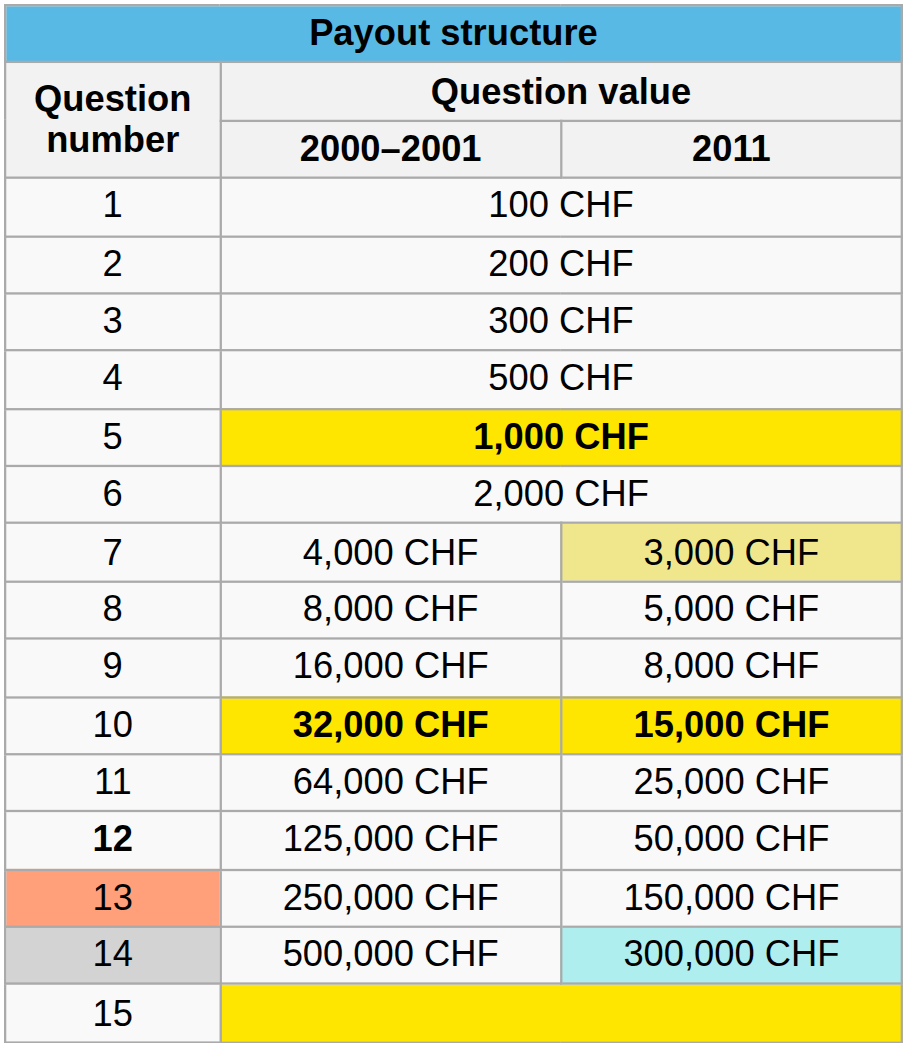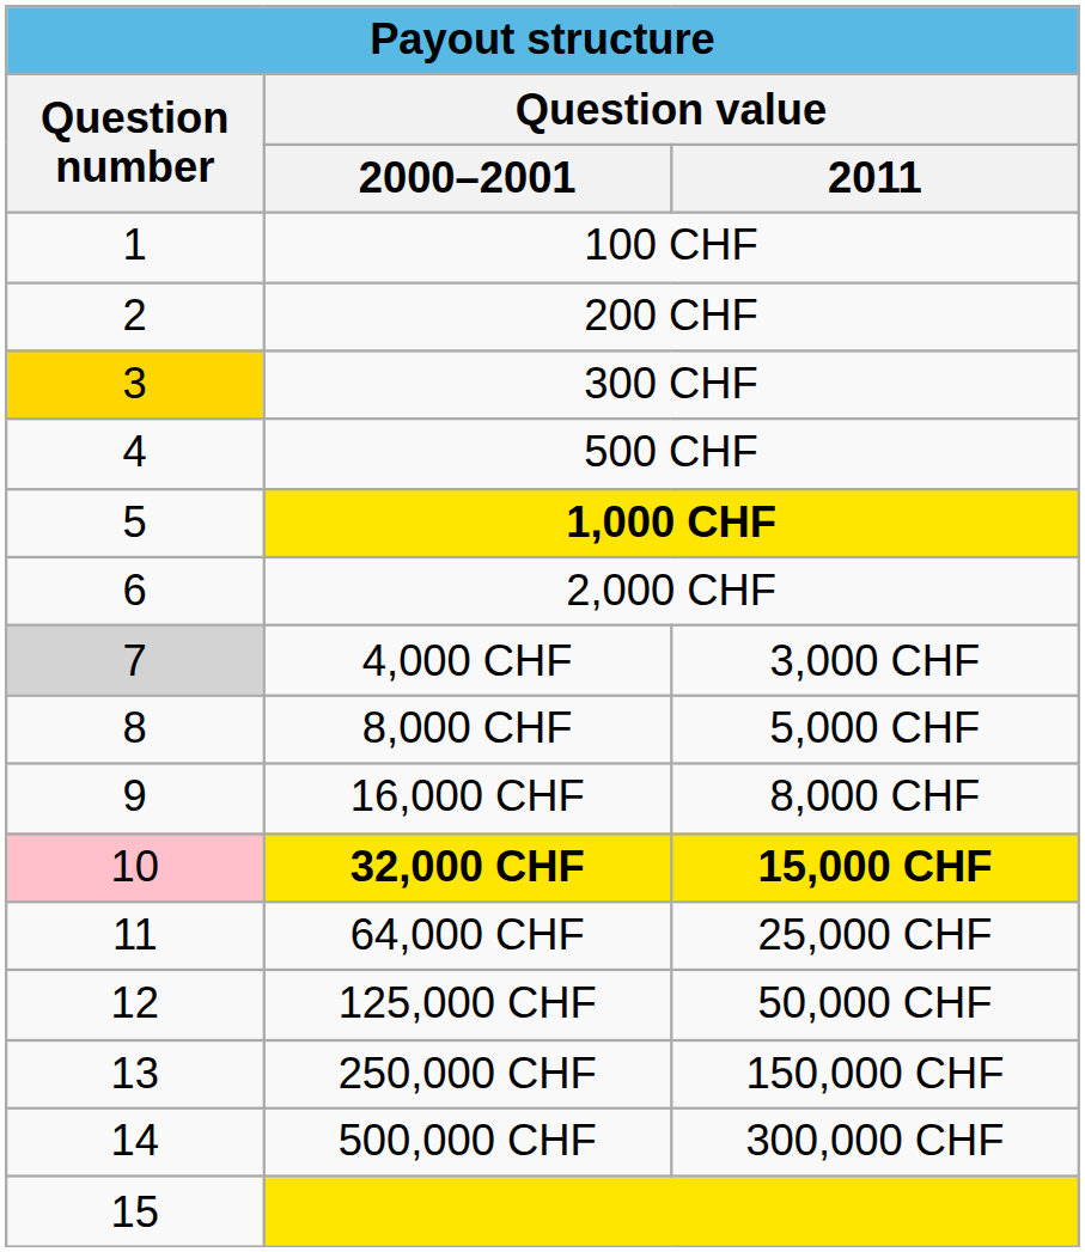 <table class="wikitable" style="text-align:center; border:1px;; cellpadding:2; cellspacing:0; width:25%;">
 <tr>
 <th colspan="3" style="background: #58B9E4">Payout structure</th>
 </tr>
 <tr>
 <th rowspan="2" style="width: 24%">Question number</th>
 <th colspan="2">Question value</th>
 </tr>
 <tr>
 <th style="width: 38%">2000–2001</th>
 <th style="width: 38%">2011</th>
 </tr>
 <tr>
 <td>1</td>
 <td colspan="2">100 CHF</td>
 </tr>
 <tr>
 <td>2</td>
 <td colspan="2">200 CHF</td>
 </tr>
 <tr>
-<td>3</td>
+<td style="background: gold;">3</td>
 <td colspan="2">300 CHF</td>
 </tr>
 <tr>
 <td>4</td>
 <td colspan="2">500 CHF</td>
 </tr>
 <tr>
 <td>5</td>
 <td colspan="2" style="background: #FFE600"><strong>1,000 CHF</strong></td>
 </tr>
 <tr>
 <td>6</td>
 <td colspan="2">2,000 CHF</td>
 </tr>
 <tr>
-<td>7</td>
+<td style="background: lightgrey;">7</td>
 <td>4,000 CHF</td>
-<td style="background: khaki;">3,000 CHF</td>
+<td>3,000 CHF</td>
 </tr>
 <tr>
 <td>8</td>
 <td>8,000 CHF</td>
 <td>5,000 CHF</td>
 </tr>
 <tr>
 <td>9</td>
 <td>16,000 CHF</td>
 <td>8,000 CHF</td>
 </tr>
 <tr>
-<td>10</td>
+<td style="background: pink;">10</td>
 <td style="background: #FFE600"><strong>32,000 CHF</strong></td>
 <td style="background: #FFE600"><strong>15,000 CHF</strong></td>
 </tr>
 <tr>
 <td>11</td>
 <td>64,000 CHF</td>
 <td>25,000 CHF</td>
 </tr>
 <tr>
-<td><strong>12</strong></td>
+<td>12</td>
 <td>125,000 CHF</td>
 <td>50,000 CHF</td>
 </tr>
 <tr>
-<td style="background: lightsalmon;">13</td>
+<td>13</td>
 <td>250,000 CHF</td>
 <td>150,000 CHF</td>
 </tr>
 <tr>
-<td style="background: lightgrey;">14</td>
+<td>14</td>
 <td>500,000 CHF</td>
-<td style="background: paleturquoise;">300,000 CHF</td>
+<td>300,000 CHF</td>
 </tr>
 <tr>
 <td>15</td>
 <td colspan="2" style="background: #FFE600"><strong></strong></td>
 </tr>
 </table>
